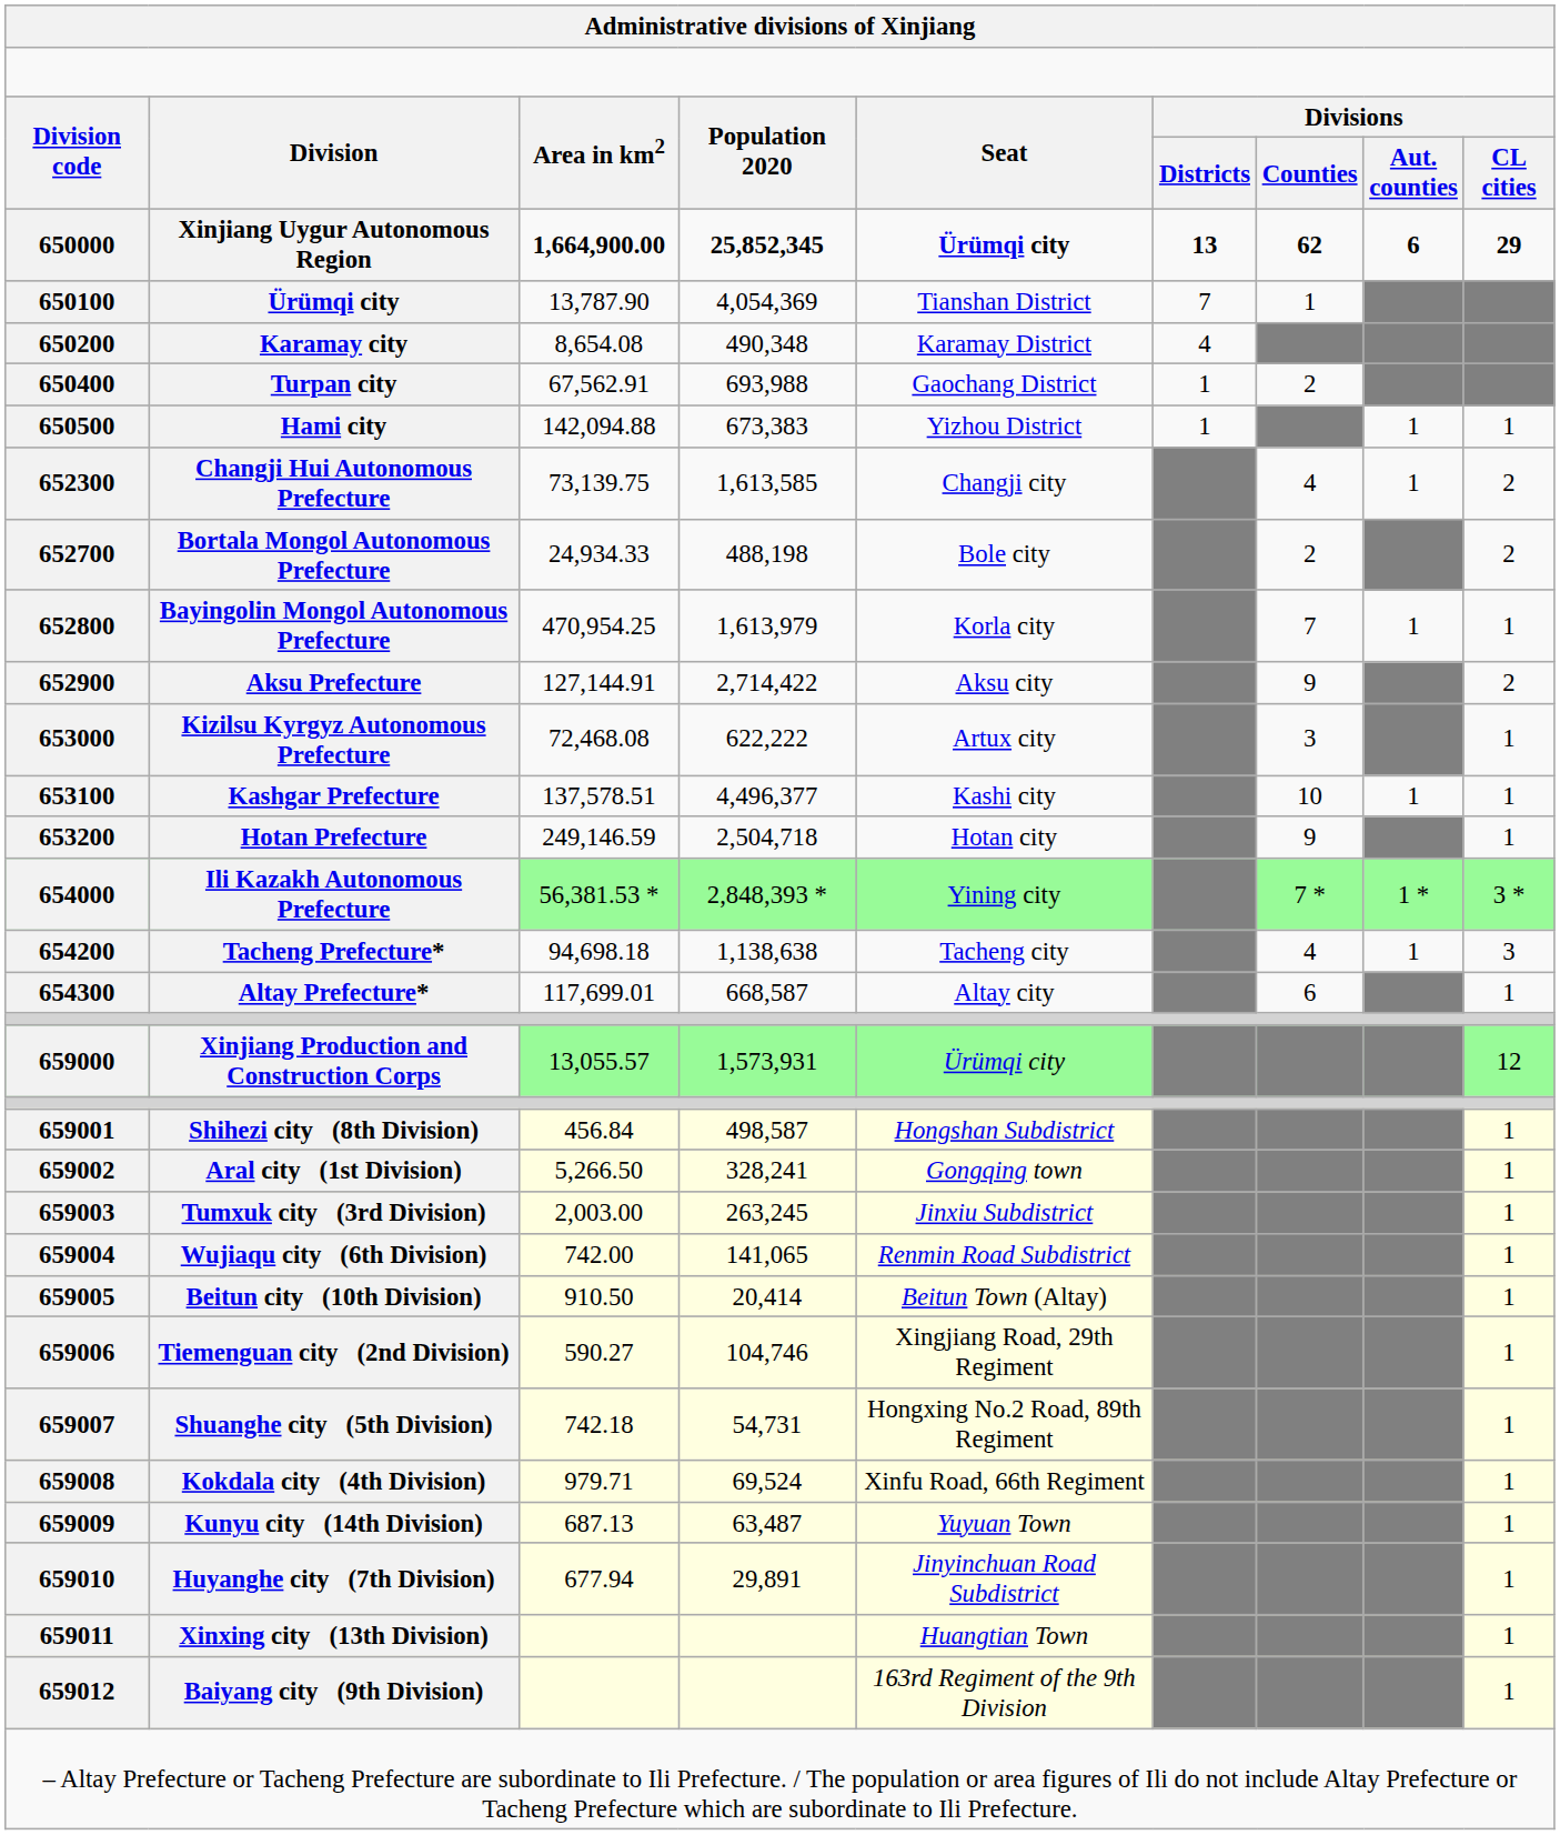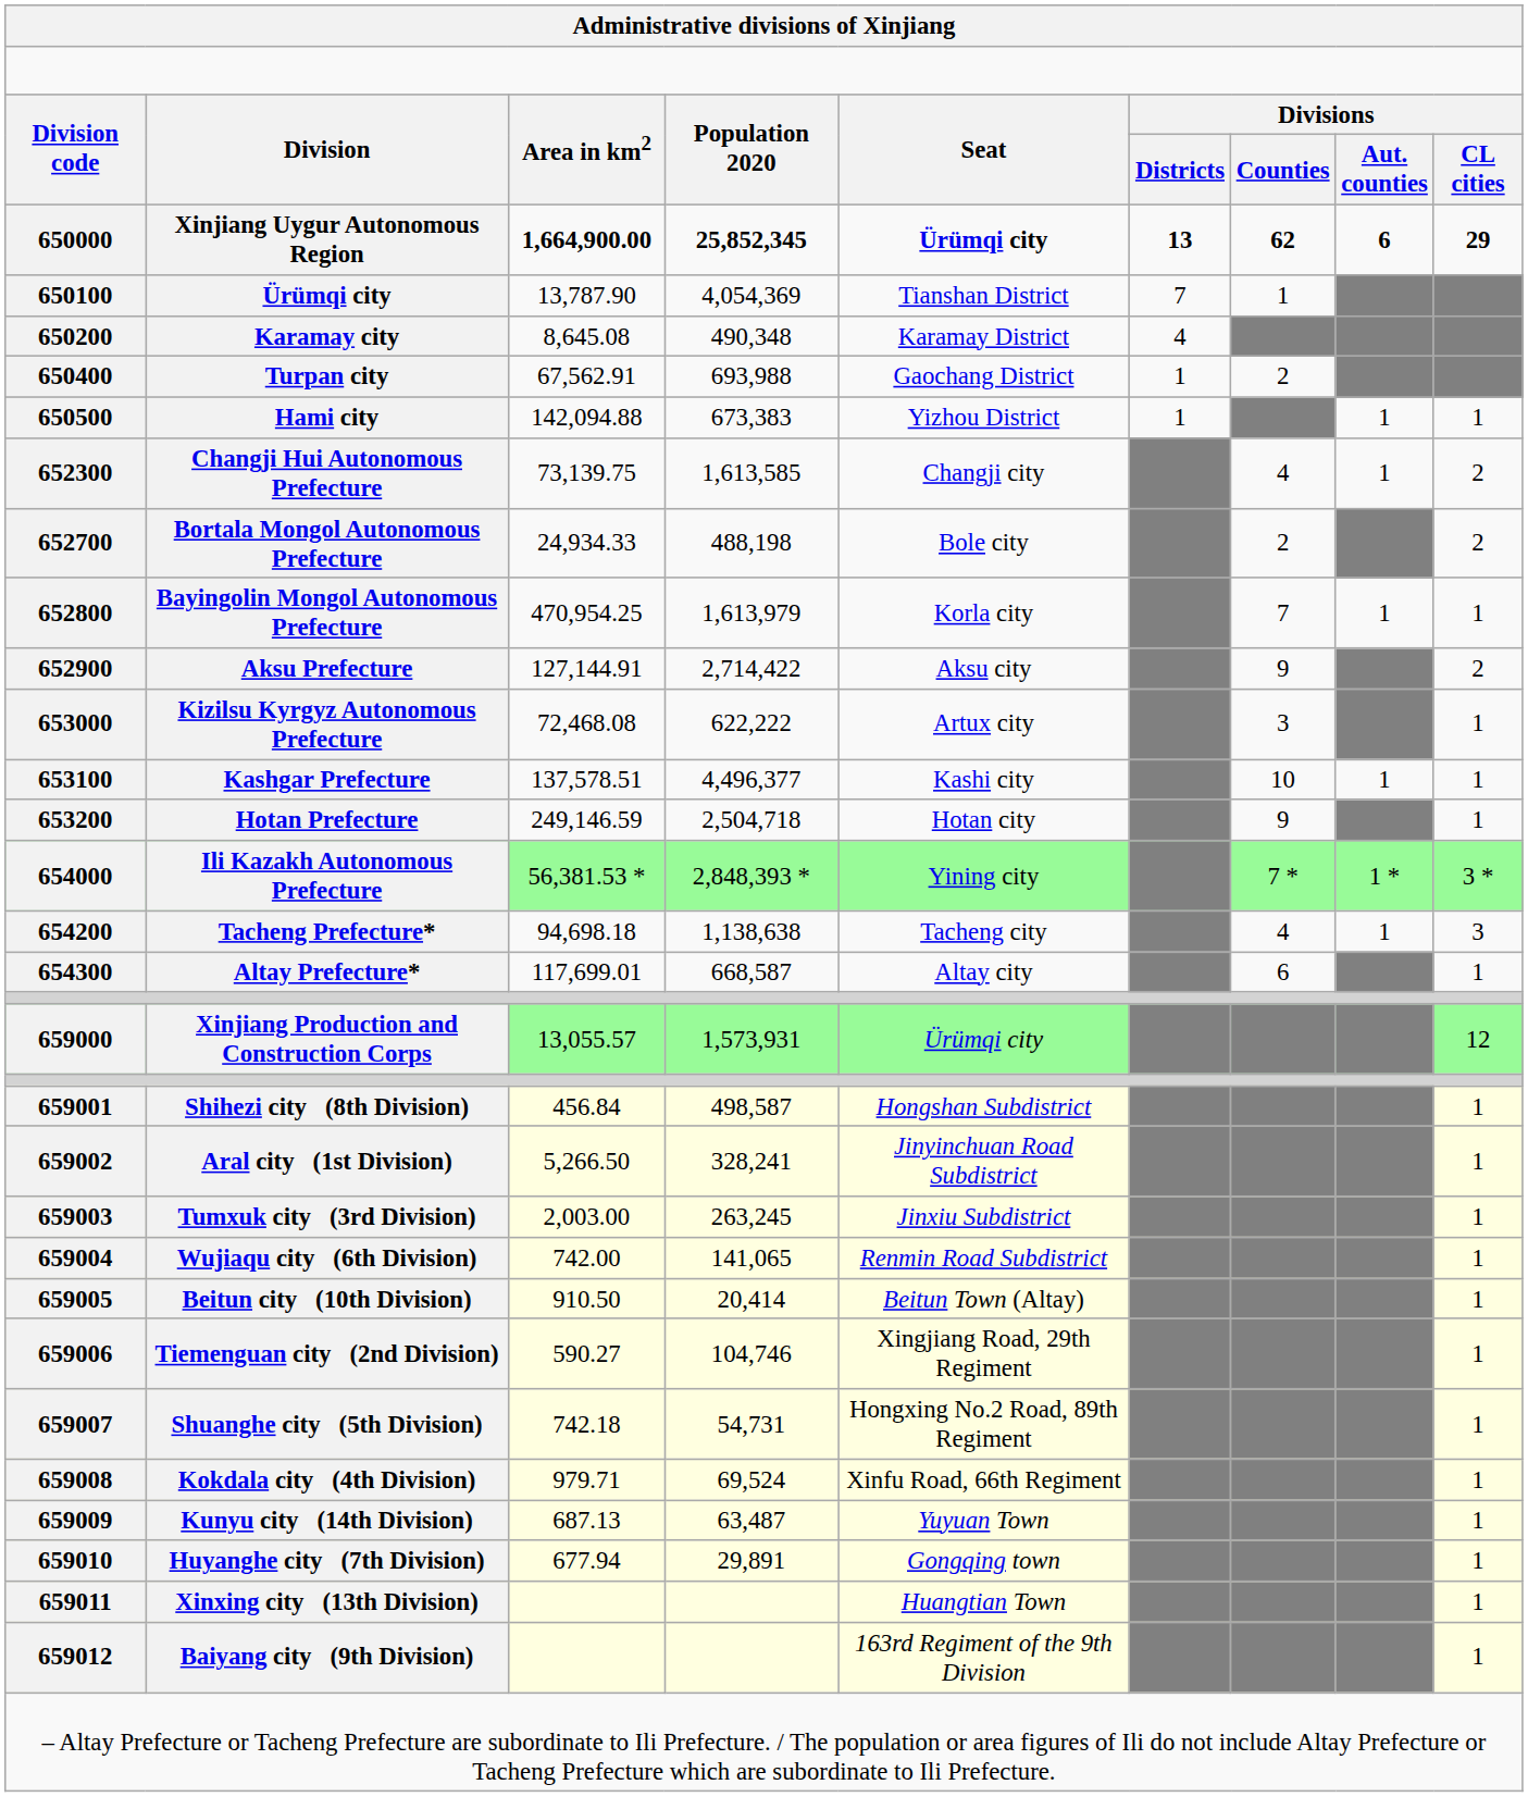 <table class="wikitable" style="margin: 0 auto 0 auto; font-size:90%; text-align: center;">
 <tr>
 <th colspan="9">Administrative divisions of Xinjiang</th>
 </tr>
 <tr>
 <td colspan="9" style="font-size: larger;"><div><br>                                                   </div></td>
 </tr>
 <tr>
 <th ! scope="col" rowspan="2"><a href='#'>Division code</a></th>
 <th ! scope="col" rowspan="2">Division</th>
 <th ! scope="col" rowspan="2">Area in km<sup>2</sup></th>
 <th ! scope="col" rowspan="2">Population 2020</th>
 <th ! scope="col" rowspan="2">Seat</th>
 <th ! scope="col" colspan="4">Divisions</th>
 </tr>
 <tr>
 <th ! scope="col" width="45"><a href='#'>Districts</a></th>
 <th ! scope="col" width="45"><a href='#'>Counties</a></th>
 <th ! scope="col" width="45"><a href='#'>Aut. counties</a></th>
 <th ! scope="col" width="45"><a href='#'>CL cities</a></th>
 </tr>
 <tr style="font-weight: bold;">
 <th>650000</th>
 <th>Xinjiang Uygur Autonomous Region</th>
 <td>1,664,900.00</td>
 <td>25,852,345</td>
 <td><a href='#'>Ürümqi</a> city</td>
 <td>13</td>
 <td>62</td>
 <td>6</td>
 <td>29</td>
 </tr>
 <tr>
 <th>650100</th>
 <th><a href='#'>Ürümqi</a> city</th>
 <td>13,787.90</td>
 <td>4,054,369</td>
 <td><a href='#'>Tianshan District</a></td>
 <td>7</td>
 <td>1</td>
 <td bgcolor="grey"></td>
 <td bgcolor="grey"></td>
 </tr>
 <tr>
 <th>650200</th>
 <th><a href='#'>Karamay</a> city</th>
-<td>8,654.08</td>
+<td>8,645.08</td>
 <td>490,348</td>
 <td><a href='#'>Karamay District</a></td>
 <td>4</td>
 <td bgcolor="grey"></td>
 <td bgcolor="grey"></td>
 <td bgcolor="grey"></td>
 </tr>
 <tr>
 <th>650400</th>
 <th><a href='#'>Turpan</a> city</th>
 <td>67,562.91</td>
 <td>693,988</td>
 <td><a href='#'>Gaochang District</a></td>
 <td>1</td>
 <td>2</td>
 <td bgcolor="grey"></td>
 <td bgcolor="grey"></td>
 </tr>
 <tr>
 <th>650500</th>
 <th><a href='#'>Hami</a> city</th>
 <td>142,094.88</td>
 <td>673,383</td>
 <td><a href='#'>Yizhou District</a></td>
 <td>1</td>
 <td bgcolor="grey"></td>
 <td>1</td>
 <td>1</td>
 </tr>
 <tr>
 <th>652300</th>
 <th><a href='#'>Changji Hui Autonomous Prefecture</a></th>
 <td>73,139.75</td>
 <td>1,613,585</td>
 <td><a href='#'>Changji</a> city</td>
 <td bgcolor="grey"></td>
 <td>4</td>
 <td>1</td>
 <td>2</td>
 </tr>
 <tr>
 <th>652700</th>
 <th><a href='#'>Bortala Mongol Autonomous Prefecture</a></th>
 <td>24,934.33</td>
 <td>488,198</td>
 <td><a href='#'>Bole</a> city</td>
 <td bgcolor="grey"></td>
 <td>2</td>
 <td bgcolor="grey"></td>
 <td>2</td>
 </tr>
 <tr>
 <th>652800</th>
 <th><a href='#'>Bayingolin Mongol Autonomous Prefecture</a></th>
 <td>470,954.25</td>
 <td>1,613,979</td>
 <td><a href='#'>Korla</a> city</td>
 <td bgcolor="grey"></td>
 <td>7</td>
 <td>1</td>
 <td>1</td>
 </tr>
 <tr>
 <th>652900</th>
 <th><a href='#'>Aksu Prefecture</a></th>
 <td>127,144.91</td>
 <td>2,714,422</td>
 <td><a href='#'>Aksu</a> city</td>
 <td bgcolor="grey"></td>
 <td>9</td>
 <td bgcolor="grey"></td>
 <td>2</td>
 </tr>
 <tr>
 <th>653000</th>
 <th><a href='#'>Kizilsu Kyrgyz Autonomous Prefecture</a></th>
 <td>72,468.08</td>
 <td>622,222</td>
 <td><a href='#'>Artux</a> city</td>
 <td bgcolor="grey"></td>
 <td>3</td>
 <td bgcolor="grey"></td>
 <td>1</td>
 </tr>
 <tr>
 <th>653100</th>
 <th><a href='#'>Kashgar Prefecture</a></th>
 <td>137,578.51</td>
 <td>4,496,377</td>
 <td><a href='#'>Kashi</a> city</td>
 <td bgcolor="grey"></td>
 <td>10</td>
 <td>1</td>
 <td>1</td>
 </tr>
 <tr>
 <th>653200</th>
 <th><a href='#'>Hotan Prefecture</a></th>
 <td>249,146.59</td>
 <td>2,504,718</td>
 <td><a href='#'>Hotan</a> city</td>
 <td bgcolor="grey"></td>
 <td>9</td>
 <td bgcolor="grey"></td>
 <td>1</td>
 </tr>
 <tr bgcolor="#98fb98">
 <th>654000</th>
 <th><a href='#'>Ili Kazakh Autonomous Prefecture</a></th>
 <td>56,381.53 *</td>
 <td>2,848,393 *</td>
 <td><a href='#'>Yining</a> city</td>
 <td bgcolor="grey"></td>
 <td>7 *</td>
 <td>1 *</td>
 <td>3 *</td>
 </tr>
 <tr>
 <th>654200</th>
 <th><a href='#'>Tacheng Prefecture</a>*</th>
 <td>94,698.18</td>
 <td>1,138,638</td>
 <td><a href='#'>Tacheng</a> city</td>
 <td bgcolor="grey"></td>
 <td>4</td>
 <td>1</td>
 <td>3</td>
 </tr>
 <tr>
 <th>654300</th>
 <th><a href='#'>Altay Prefecture</a>*</th>
 <td>117,699.01</td>
 <td>668,587</td>
 <td><a href='#'>Altay</a> city</td>
 <td bgcolor="grey"></td>
 <td>6</td>
 <td bgcolor="grey"></td>
 <td>1</td>
 </tr>
 <tr style = "background: lightgrey; height: 2pt;">
 <td colspan = "14"></td>
 </tr>
 <tr bgcolor="#98fb98">
 <th>659000</th>
 <th><a href='#'>Xinjiang Production and Construction Corps</a></th>
 <td>13,055.57</td>
 <td>1,573,931</td>
 <td><em><a href='#'>Ürümqi</a> city</em></td>
 <td bgcolor="grey"></td>
 <td bgcolor="grey"></td>
 <td bgcolor="grey"></td>
 <td>12</td>
 </tr>
 <tr style = "background: lightgrey; height: 2pt;">
 <td colspan = "14"></td>
 </tr>
 <tr bgcolor="lightyellow">
 <th>659001</th>
 <th><a href='#'>Shihezi</a> city   (8th Division)</th>
 <td>456.84</td>
 <td>498,587</td>
 <td><a href='#'><em>Hongshan Subdistrict</em></a></td>
 <td bgcolor="grey"></td>
 <td bgcolor="grey"></td>
 <td bgcolor="grey"></td>
 <td>1</td>
 </tr>
 <tr bgcolor="lightyellow">
 <th>659002</th>
 <th><a href='#'>Aral</a> city   (1st Division)</th>
 <td>5,266.50</td>
 <td>328,241</td>
-<td><em><a href='#'>Gongqing</a> town</em></td>
+<td><em><a href='#'>Jinyinchuan Road Subdistrict</a></em></td>
 <td bgcolor="grey"></td>
 <td bgcolor="grey"></td>
 <td bgcolor="grey"></td>
 <td>1</td>
 </tr>
 <tr bgcolor="lightyellow">
 <th>659003</th>
 <th><a href='#'>Tumxuk</a> city   (3rd Division)</th>
 <td>2,003.00</td>
 <td>263,245</td>
 <td><em><a href='#'>Jinxiu Subdistrict</a></em></td>
 <td bgcolor="grey"></td>
 <td bgcolor="grey"></td>
 <td bgcolor="grey"></td>
 <td>1</td>
 </tr>
 <tr bgcolor="lightyellow">
 <th>659004</th>
 <th><a href='#'>Wujiaqu</a> city   (6th Division)</th>
 <td>742.00</td>
 <td>141,065</td>
 <td><a href='#'><em>Renmin Road Subdistrict</em></a></td>
 <td bgcolor="grey"></td>
 <td bgcolor="grey"></td>
 <td bgcolor="grey"></td>
 <td>1</td>
 </tr>
 <tr bgcolor="lightyellow">
 <th>659005</th>
 <th><a href='#'>Beitun</a> city   (10th Division)</th>
 <td>910.50</td>
 <td>20,414</td>
 <td><em><a href='#'>Beitun</a> Town</em> (Altay)</td>
 <td bgcolor="grey"></td>
 <td bgcolor="grey"></td>
 <td bgcolor="grey"></td>
 <td>1</td>
 </tr>
 <tr bgcolor="lightyellow">
 <th>659006</th>
 <th><a href='#'>Tiemenguan</a> city   (2nd Division)</th>
 <td>590.27</td>
 <td>104,746</td>
 <td>Xingjiang Road, 29th Regiment</td>
 <td bgcolor="grey"></td>
 <td bgcolor="grey"></td>
 <td bgcolor="grey"></td>
 <td>1</td>
 </tr>
 <tr bgcolor="lightyellow">
 <th>659007</th>
 <th><a href='#'>Shuanghe</a> city   (5th Division)</th>
 <td>742.18</td>
 <td>54,731</td>
 <td>Hongxing No.2 Road, 89th Regiment</td>
 <td bgcolor="grey"></td>
 <td bgcolor="grey"></td>
 <td bgcolor="grey"></td>
 <td>1</td>
 </tr>
 <tr bgcolor="lightyellow">
 <th>659008</th>
 <th><a href='#'>Kokdala</a> city   (4th Division)</th>
 <td>979.71</td>
 <td>69,524</td>
 <td>Xinfu Road, 66th Regiment</td>
 <td bgcolor="grey"></td>
 <td bgcolor="grey"></td>
 <td bgcolor="grey"></td>
 <td>1</td>
 </tr>
 <tr bgcolor="lightyellow">
 <th>659009</th>
 <th><a href='#'>Kunyu</a> city   (14th Division)</th>
 <td>687.13</td>
 <td>63,487</td>
 <td><em><a href='#'>Yuyuan</a> Town</em></td>
 <td bgcolor="grey"></td>
 <td bgcolor="grey"></td>
 <td bgcolor="grey"></td>
 <td>1</td>
 </tr>
 <tr bgcolor="lightyellow">
 <th>659010</th>
 <th><a href='#'>Huyanghe</a> city   (7th Division)</th>
 <td>677.94</td>
 <td>29,891</td>
-<td><em><a href='#'>Jinyinchuan Road Subdistrict</a></em></td>
+<td><em><a href='#'>Gongqing</a> town</em></td>
 <td bgcolor="grey"></td>
 <td bgcolor="grey"></td>
 <td bgcolor="grey"></td>
 <td>1</td>
 </tr>
 <tr bgcolor="lightyellow">
 <th>659011</th>
 <th><a href='#'>Xinxing</a> city   (13th Division)</th>
 <td></td>
 <td></td>
 <td><em><a href='#'>Huangtian</a> Town</em></td>
 <td bgcolor="grey"></td>
 <td bgcolor="grey"></td>
 <td bgcolor="grey"></td>
 <td>1</td>
 </tr>
 <tr bgcolor="lightyellow">
 <th>659012</th>
 <th><a href='#'>Baiyang</a> city   (9th Division)</th>
 <td></td>
 <td></td>
 <td><em>163rd Regiment of the 9th Division</em></td>
 <td bgcolor="grey"></td>
 <td bgcolor="grey"></td>
 <td bgcolor="grey"></td>
 <td>1</td>
 </tr>
 <tr>
 <td colspan = "14"> <br> – Altay Prefecture or Tacheng Prefecture are subordinate to Ili Prefecture. / The population or area figures of Ili do not include Altay Prefecture or Tacheng Prefecture which are subordinate to Ili Prefecture.</td>
 </tr>
 </table>
